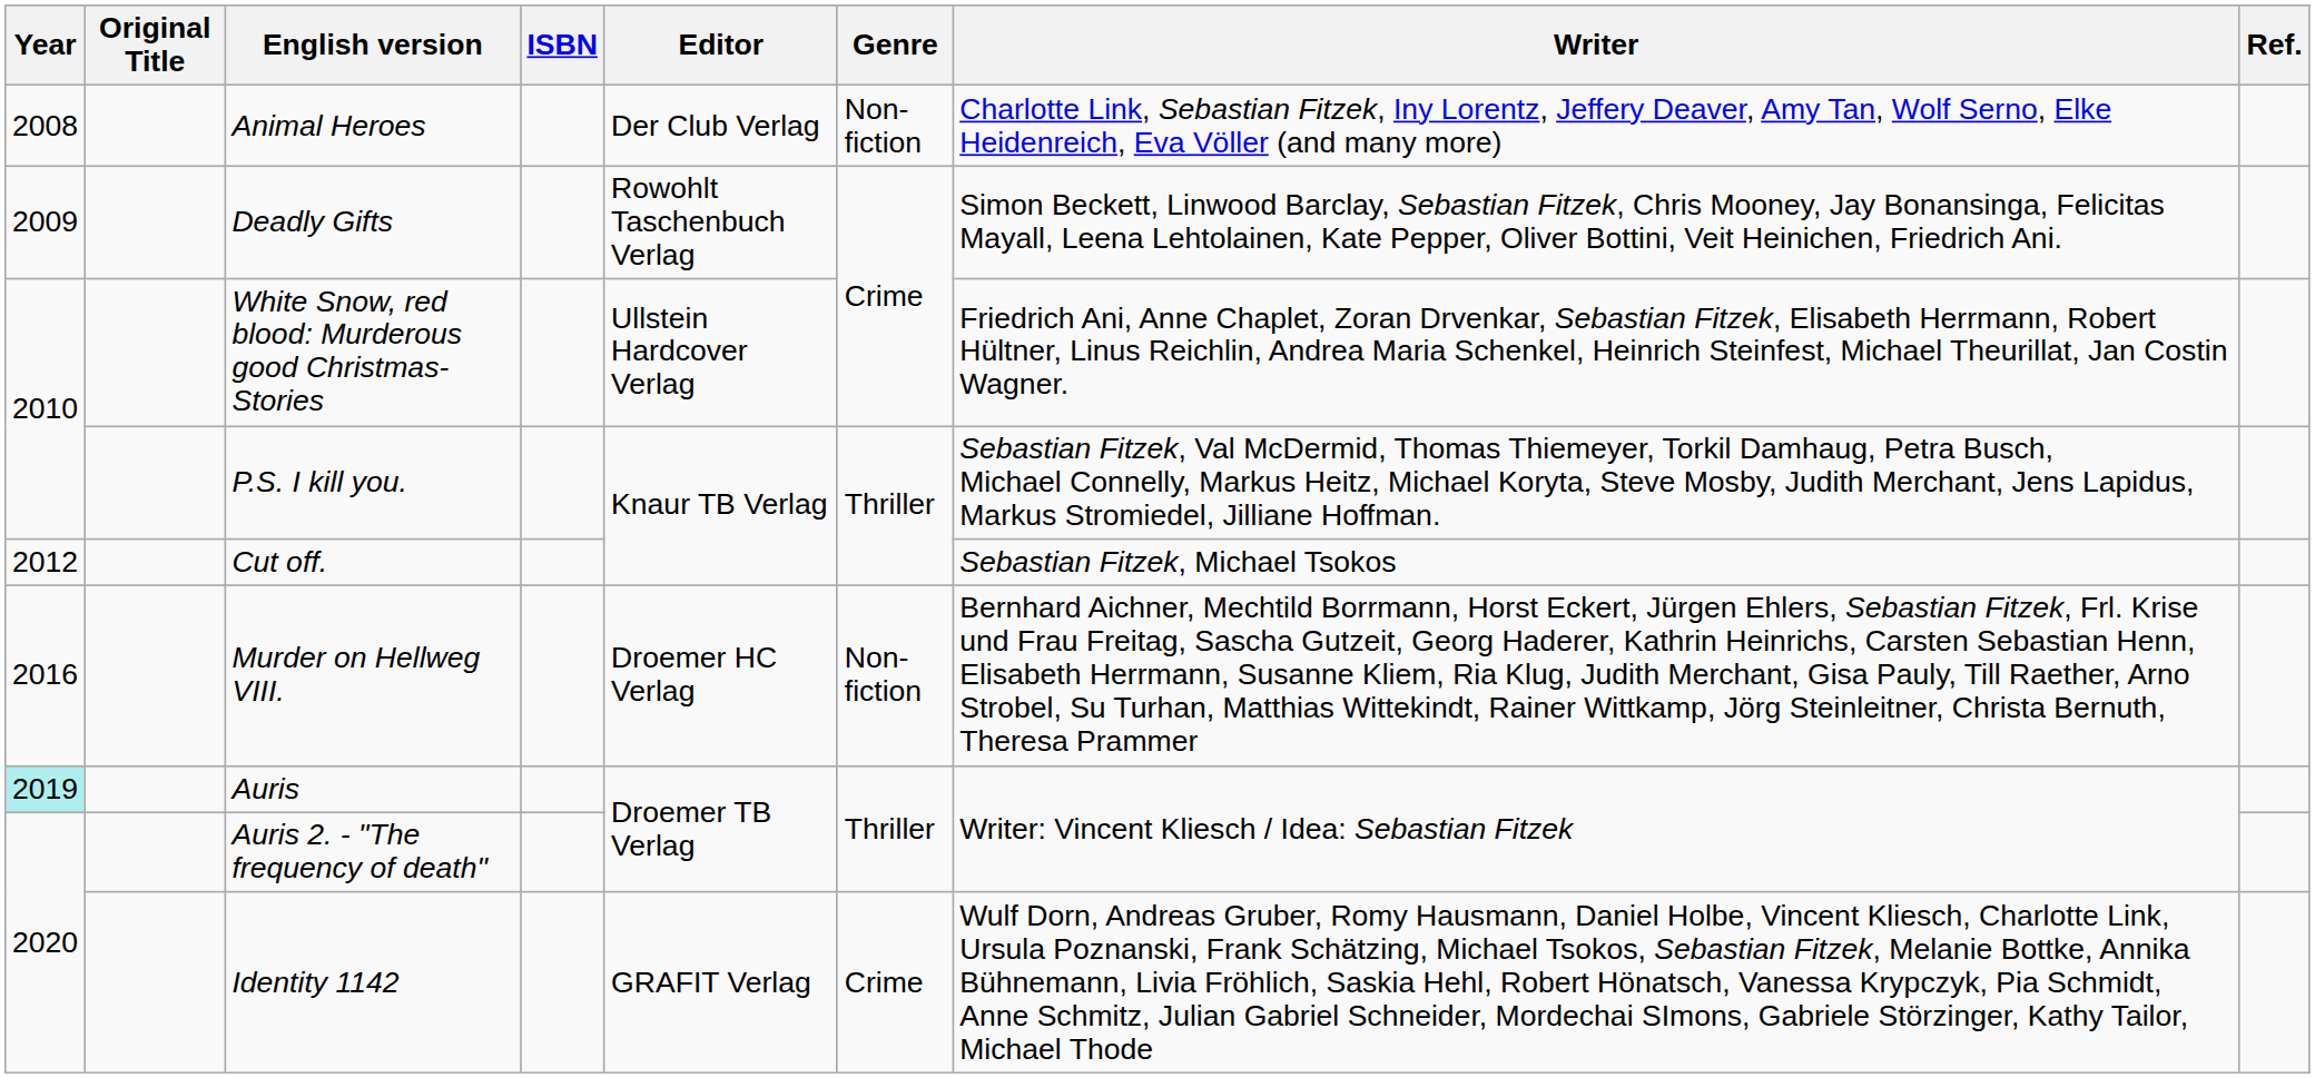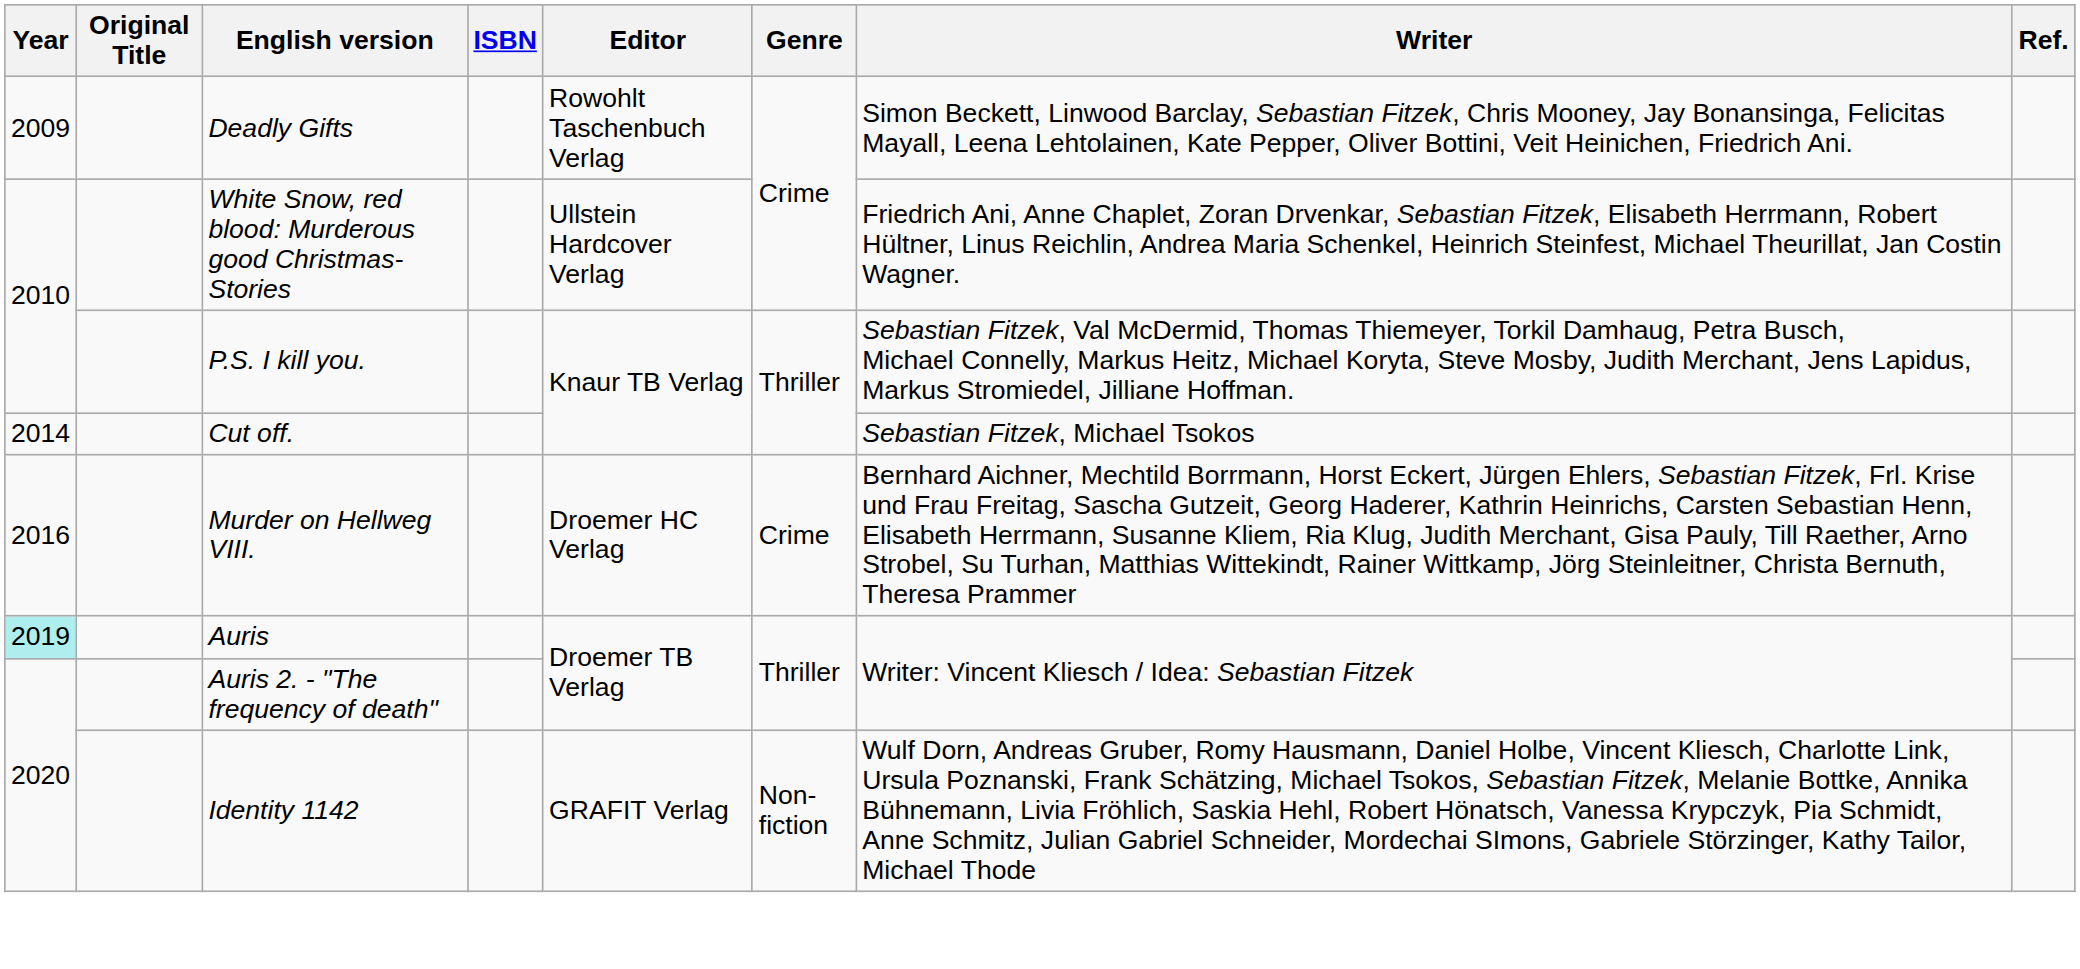 <table class="wikitable">
 <tr>
 <th>Year</th>
 <th>Original Title</th>
 <th>English version</th>
 <th><a href='#'>ISBN</a></th>
 <th>Editor</th>
 <th>Genre</th>
 <th>Writer</th>
 <th>Ref.</th>
-</tr>
-<tr>
-<td rowspan="1">2008</td>
-<td></td>
-<td><em>Animal Heroes</em></td>
-<td></td>
-<td>Der Club Verlag</td>
-<td>Non-fiction</td>
-<td><a href='#'>Charlotte Link</a>, <em>Sebastian Fitzek</em>, <a href='#'>Iny Lorentz</a>, <a href='#'>Jeffery Deaver</a>, <a href='#'>Amy Tan</a>, <a href='#'>Wolf Serno</a>, <a href='#'>Elke Heidenreich</a>, <a href='#'>Eva Völler</a> (and many more)</td>
-<td></td>
 </tr>
 <tr>
 <td>2009</td>
 <td></td>
 <td><em>Deadly Gifts</em></td>
 <td></td>
 <td>Rowohlt Taschenbuch Verlag</td>
 <td rowspan="2">Crime</td>
 <td>Simon Beckett, Linwood Barclay, <em>Sebastian Fitzek</em>, Chris Mooney, Jay Bonansinga, Felicitas Mayall, Leena Lehtolainen, Kate Pepper, Oliver Bottini, Veit Heinichen, Friedrich Ani.</td>
 <td></td>
 </tr>
 <tr>
 <td rowspan="2">2010</td>
 <td></td>
 <td><em>White Snow, red blood: Murderous good Christmas-Stories</em></td>
 <td></td>
 <td>Ullstein Hardcover Verlag</td>
 <td>Friedrich Ani, Anne Chaplet, Zoran Drvenkar, <em>Sebastian Fitzek</em>, Elisabeth Herrmann, Robert Hültner, Linus Reichlin, Andrea Maria Schenkel, Heinrich Steinfest, Michael Theurillat, Jan Costin Wagner.</td>
 <td></td>
 </tr>
 <tr>
 <td></td>
 <td><em>P.S. I kill you.</em></td>
 <td></td>
 <td rowspan="2">Knaur TB Verlag</td>
 <td rowspan="2">Thriller</td>
 <td><em>Sebastian Fitzek</em>, Val McDermid, Thomas Thiemeyer, Torkil Damhaug, Petra Busch,<br>Michael Connelly, Markus Heitz, Michael Koryta, Steve Mosby, Judith Merchant, Jens Lapidus, Markus Stromiedel, Jilliane Hoffman.</td>
 <td></td>
 </tr>
 <tr>
-<td>2012</td>
+<td>2014</td>
 <td></td>
 <td><em>Cut off.</em></td>
 <td></td>
 <td><em>Sebastian Fitzek</em>, Michael Tsokos</td>
 <td></td>
 </tr>
 <tr>
 <td rowspan="1">2016</td>
 <td></td>
 <td><em>Murder on Hellweg VIII.</em></td>
 <td></td>
 <td>Droemer HC Verlag</td>
-<td>Non-fiction</td>
+<td>Crime</td>
 <td>Bernhard Aichner, Mechtild Borrmann, Horst Eckert, Jürgen Ehlers, <em>Sebastian Fitzek</em>, Frl. Krise und Frau Freitag, Sascha Gutzeit, Georg Haderer, Kathrin Heinrichs, Carsten Sebastian Henn, Elisabeth Herrmann, Susanne Kliem, Ria Klug, Judith Merchant, Gisa Pauly, Till Raether, Arno Strobel, Su Turhan, Matthias Wittekindt, Rainer Wittkamp, Jörg Steinleitner, Christa Bernuth, Theresa Prammer</td>
 <td></td>
 </tr>
 <tr>
 <td style="background: paleturquoise;">2019</td>
 <td></td>
 <td><em>Auris</em></td>
 <td></td>
 <td rowspan="2">Droemer TB Verlag</td>
 <td rowspan="2">Thriller</td>
 <td rowspan="2">Writer: Vincent Kliesch / Idea: <em>Sebastian Fitzek</em></td>
 <td></td>
 </tr>
 <tr>
 <td rowspan="2">2020</td>
 <td></td>
 <td><em>Auris 2. - "The frequency of death"</em></td>
 <td></td>
 <td></td>
 </tr>
 <tr>
 <td></td>
 <td><em>Identity 1142</em></td>
 <td></td>
 <td>GRAFIT Verlag</td>
-<td>Crime</td>
+<td>Non-fiction</td>
 <td>Wulf Dorn, Andreas Gruber, Romy Hausmann, Daniel Holbe, Vincent Kliesch, Charlotte Link, Ursula Poznanski, Frank Schätzing, Michael Tsokos, <em>Sebastian Fitzek</em>, Melanie Bottke, Annika Bühnemann,  Livia Fröhlich, Saskia Hehl, Robert Hönatsch, Vanessa Krypczyk, Pia Schmidt, Anne Schmitz, Julian Gabriel Schneider, Mordechai SImons, Gabriele Störzinger, Kathy Tailor, Michael Thode</td>
 <td></td>
 </tr>
 </table>
